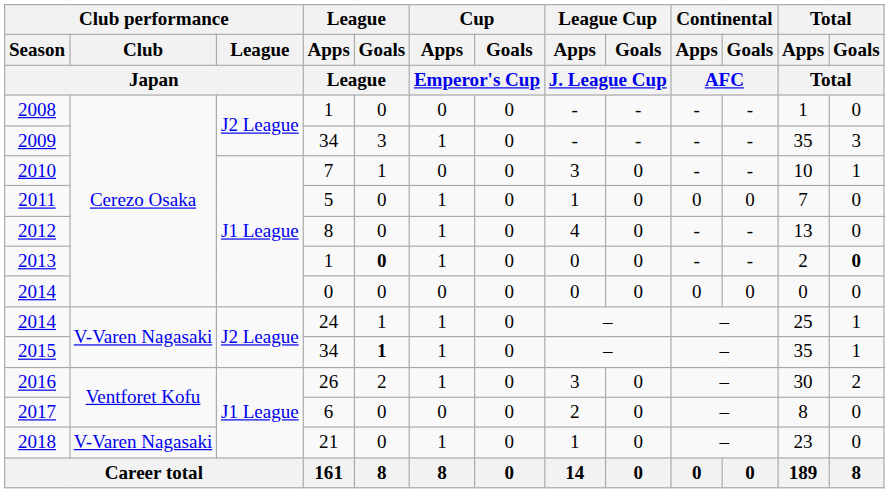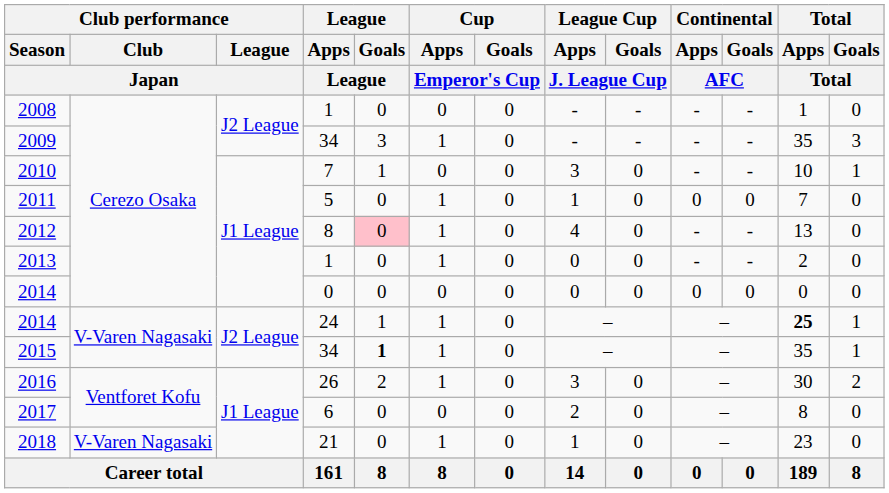 <table class="wikitable" style="text-align:center">
 <tr>
 <th colspan=3>Club performance</th>
 <th colspan=2>League</th>
 <th colspan=2>Cup</th>
 <th colspan=2>League Cup</th>
 <th colspan=2>Continental</th>
 <th colspan=2>Total</th>
 </tr>
 <tr>
 <th>Season</th>
 <th>Club</th>
 <th>League</th>
 <th>Apps</th>
 <th>Goals</th>
 <th>Apps</th>
 <th>Goals</th>
 <th>Apps</th>
 <th>Goals</th>
 <th>Apps</th>
 <th>Goals</th>
 <th>Apps</th>
 <th>Goals</th>
 </tr>
 <tr>
 <th colspan=3>Japan</th>
 <th colspan=2>League</th>
 <th colspan=2><a href='#'>Emperor's Cup</a></th>
 <th colspan=2><a href='#'>J. League Cup</a></th>
 <th colspan=2><a href='#'>AFC</a></th>
 <th colspan=2>Total</th>
 </tr>
 <tr>
 <td><a href='#'>2008</a></td>
 <td rowspan="7"><a href='#'>Cerezo Osaka</a></td>
 <td rowspan="2"><a href='#'>J2 League</a></td>
 <td>1</td>
 <td>0</td>
 <td>0</td>
 <td>0</td>
 <td>-</td>
 <td>-</td>
 <td>-</td>
 <td>-</td>
 <td>1</td>
 <td>0</td>
 </tr>
 <tr>
 <td><a href='#'>2009</a></td>
 <td>34</td>
 <td>3</td>
 <td>1</td>
 <td>0</td>
 <td>-</td>
 <td>-</td>
 <td>-</td>
 <td>-</td>
 <td>35</td>
 <td>3</td>
 </tr>
 <tr>
 <td><a href='#'>2010</a></td>
 <td rowspan="5"><a href='#'>J1 League</a></td>
 <td>7</td>
 <td>1</td>
 <td>0</td>
 <td>0</td>
 <td>3</td>
 <td>0</td>
 <td>-</td>
 <td>-</td>
 <td>10</td>
 <td>1</td>
 </tr>
 <tr>
 <td><a href='#'>2011</a></td>
 <td>5</td>
 <td>0</td>
 <td>1</td>
 <td>0</td>
 <td>1</td>
 <td>0</td>
 <td>0</td>
 <td>0</td>
 <td>7</td>
 <td>0</td>
 </tr>
 <tr>
 <td><a href='#'>2012</a></td>
 <td>8</td>
-<td>0</td>
+<td style="background: pink;">0</td>
 <td>1</td>
 <td>0</td>
 <td>4</td>
 <td>0</td>
 <td>-</td>
 <td>-</td>
 <td>13</td>
 <td>0</td>
 </tr>
 <tr>
 <td><a href='#'>2013</a></td>
 <td>1</td>
-<td><strong>0</strong></td>
+<td>0</td>
 <td>1</td>
 <td>0</td>
 <td>0</td>
 <td>0</td>
 <td>-</td>
 <td>-</td>
 <td>2</td>
-<td><strong>0</strong></td>
+<td>0</td>
 </tr>
 <tr>
 <td><a href='#'>2014</a></td>
 <td>0</td>
 <td>0</td>
 <td>0</td>
 <td>0</td>
 <td>0</td>
 <td>0</td>
 <td>0</td>
 <td>0</td>
 <td>0</td>
 <td>0</td>
 </tr>
 <tr>
 <td><a href='#'>2014</a></td>
 <td rowspan="2"><a href='#'>V-Varen Nagasaki</a></td>
 <td rowspan="2"><a href='#'>J2 League</a></td>
 <td>24</td>
 <td>1</td>
 <td>1</td>
 <td>0</td>
 <td colspan="2">–</td>
 <td colspan="2">–</td>
-<td>25</td>
+<td><strong>25</strong></td>
 <td>1</td>
 </tr>
 <tr>
 <td><a href='#'>2015</a></td>
 <td>34</td>
 <td><strong>1</strong></td>
 <td>1</td>
 <td>0</td>
 <td colspan="2">–</td>
 <td colspan="2">–</td>
 <td>35</td>
 <td>1</td>
 </tr>
 <tr>
 <td><a href='#'>2016</a></td>
 <td rowspan="2"><a href='#'>Ventforet Kofu</a></td>
 <td rowspan="3"><a href='#'>J1 League</a></td>
 <td>26</td>
 <td>2</td>
 <td>1</td>
 <td>0</td>
 <td>3</td>
 <td>0</td>
 <td colspan="2">–</td>
 <td>30</td>
 <td>2</td>
 </tr>
 <tr>
 <td><a href='#'>2017</a></td>
 <td>6</td>
 <td>0</td>
 <td>0</td>
 <td>0</td>
 <td>2</td>
 <td>0</td>
 <td colspan="2">–</td>
 <td>8</td>
 <td>0</td>
 </tr>
 <tr>
 <td><a href='#'>2018</a></td>
 <td rowspan="1"><a href='#'>V-Varen Nagasaki</a></td>
 <td>21</td>
 <td>0</td>
 <td>1</td>
 <td>0</td>
 <td>1</td>
 <td>0</td>
 <td colspan="2">–</td>
 <td>23</td>
 <td>0</td>
 </tr>
 <tr>
 <th colspan=3>Career total</th>
 <th>161</th>
 <th>8</th>
 <th>8</th>
 <th>0</th>
 <th>14</th>
 <th>0</th>
 <th>0</th>
 <th>0</th>
 <th>189</th>
 <th>8</th>
 </tr>
 </table>
